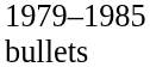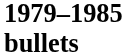 <table style="width:80px;">
 <tr>
 <td><br></td>
 </tr>
 <tr>
-<td><div>1979–1985 bullets</div></td>
+<td><strong><div>1979–1985 bullets</div></strong></td>
 </tr>
 </table>
